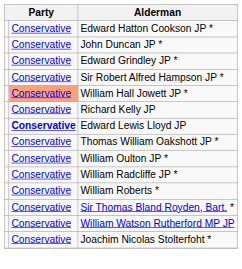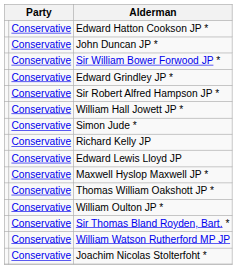 <table class="wikitable">
 <tr>
 <th colspan="2">Party</th>
 <th>Alderman</th>
 </tr>
 <tr>
 <td style="background-color:"></td>
 <td><a href='#'>Conservative</a></td>
 <td>Edward Hatton Cookson JP *</td>
 </tr>
 <tr>
 <td style="background-color:"></td>
 <td><a href='#'>Conservative</a></td>
 <td>John Duncan JP *</td>
 </tr>
 <tr>
 <td style="background-color:"></td>
 <td><a href='#'>Conservative</a></td>
+<td><a href='#'>Sir William Bower Forwood JP</a> *</td>
+</tr>
+<tr>
+<td style="background-color:"></td>
+<td><a href='#'>Conservative</a></td>
 <td>Edward Grindley JP *</td>
 </tr>
 <tr>
 <td style="background-color:"></td>
 <td><a href='#'>Conservative</a></td>
 <td>Sir Robert Alfred Hampson JP *</td>
 </tr>
 <tr>
 <td style="background-color:"></td>
-<td style="background: lightsalmon;"><a href='#'>Conservative</a></td>
+<td><a href='#'>Conservative</a></td>
 <td>William Hall Jowett JP *</td>
+</tr>
+<tr>
+<td style="background-color:"></td>
+<td><a href='#'>Conservative</a></td>
+<td>Simon Jude *</td>
 </tr>
 <tr>
 <td style="background-color:"></td>
 <td><a href='#'>Conservative</a></td>
 <td>Richard Kelly JP</td>
 </tr>
 <tr>
 <td style="background-color:"></td>
-<td><strong><a href='#'>Conservative</a></strong></td>
+<td><a href='#'>Conservative</a></td>
 <td>Edward Lewis Lloyd JP</td>
+</tr>
+<tr>
+<td style="background-color:"></td>
+<td><a href='#'>Conservative</a></td>
+<td>Maxwell Hyslop Maxwell JP *</td>
 </tr>
 <tr>
 <td style="background-color:"></td>
 <td><a href='#'>Conservative</a></td>
 <td>Thomas William Oakshott JP *</td>
 </tr>
 <tr>
 <td style="background-color:"></td>
 <td><a href='#'>Conservative</a></td>
 <td>William Oulton JP *</td>
-</tr>
-<tr>
-<td style="background-color:"></td>
-<td><a href='#'>Conservative</a></td>
-<td>William Radcliffe JP *</td>
-</tr>
-<tr>
-<td style="background-color:"></td>
-<td><a href='#'>Conservative</a></td>
-<td>William Roberts *</td>
 </tr>
 <tr>
 <td style="background-color:"></td>
 <td><a href='#'>Conservative</a></td>
 <td><a href='#'>Sir Thomas Bland Royden, Bart.</a> *</td>
 </tr>
 <tr>
 <td style="background-color:"></td>
 <td><a href='#'>Conservative</a></td>
 <td><a href='#'>William Watson Rutherford MP JP</a></td>
 </tr>
 <tr>
 <td style="background-color:"></td>
 <td><a href='#'>Conservative</a></td>
 <td>Joachim Nicolas Stolterfoht *</td>
 </tr>
 <tr>
 </tr>
 </table>
